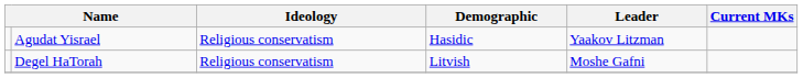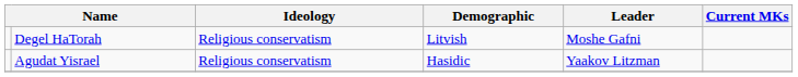 <table class="wikitable">
 <tr>
 <th colspan=2>Name</th>
 <th>Ideology</th>
 <th>Demographic</th>
 <th>Leader</th>
 <th><a href='#'>Current MKs</a></th>
 </tr>
 <tr>
 <td style="background:"></td>
+<td style="width:200px"><a href='#'>Degel HaTorah</a></td>
+<td style="width:250px"><a href='#'>Religious conservatism</a></td>
+<td style="width:150px"><a href='#'>Litvish</a></td>
+<td style="width:150px"><a href='#'>Moshe Gafni</a></td>
+<td></td>
+</tr>
+<tr>
+<td style="background:"></td>
 <td style="width:200px"><a href='#'>Agudat Yisrael</a></td>
 <td style="width:250px"><a href='#'>Religious conservatism</a></td>
 <td style="width:100px"><a href='#'>Hasidic</a></td>
 <td style="width:150px"><a href='#'>Yaakov Litzman</a></td>
 <td></td>
 </tr>
 <tr>
-<td style="background:"></td>
-<td style="width:200px"><a href='#'>Degel HaTorah</a></td>
-<td style="width:250px"><a href='#'>Religious conservatism</a></td>
-<td style="width:150px"><a href='#'>Litvish</a></td>
-<td style="width:150px"><a href='#'>Moshe Gafni</a></td>
-<td></td>
-</tr>
-<tr>
 </tr>
 </table>
